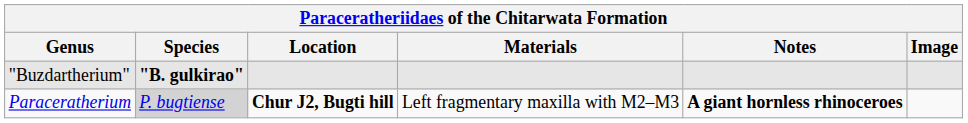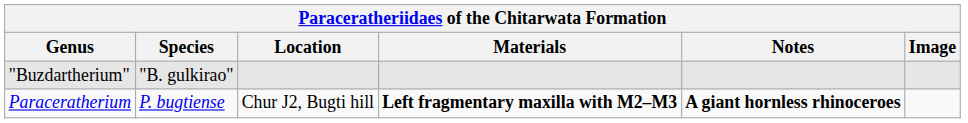 <table class="wikitable">
 <tr>
 <th colspan="7" align="center"><strong><a href='#'>Paraceratheriidaes</a> of the Chitarwata Formation</strong></th>
 </tr>
 <tr>
 <th>Genus</th>
 <th>Species</th>
 <th>Location</th>
 <th>Materials</th>
 <th>Notes</th>
 <th>Image</th>
 </tr>
 <tr>
 <td style="background:#E6E6E6;">"Buzdartherium"</td>
-<td style="background:#E6E6E6;"><strong>"B. gulkirao"</strong></td>
+<td style="background:#E6E6E6;">"B. gulkirao"</td>
 <td style="background:#E6E6E6;"></td>
 <td style="background:#E6E6E6;"></td>
 <td style="background:#E6E6E6;"></td>
 <td style="background:#E6E6E6;"></td>
 </tr>
 <tr>
 <td><em><a href='#'>Paraceratherium</a></em></td>
-<td style="background: lightgrey;"><em><a href='#'>P. bugtiense</a></em></td>
-<td><strong>Chur J2, Bugti hill</strong></td>
-<td>Left fragmentary maxilla with M2–M3</td>
+<td><em><a href='#'>P. bugtiense</a></em></td>
+<td>Chur J2, Bugti hill</td>
+<td><strong>Left fragmentary maxilla with M2–M3</strong></td>
 <td><strong>A giant hornless rhinoceroes</strong></td>
 <td></td>
 </tr>
 </table>
